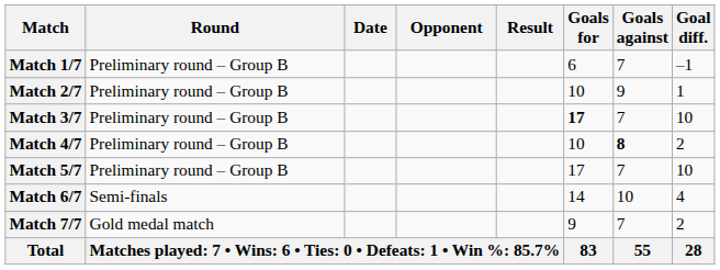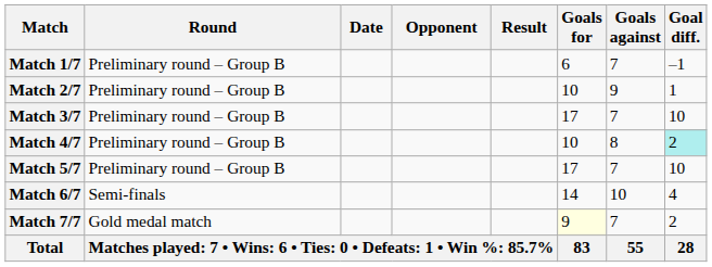 <table class="wikitable sortable sticky-header defaultcenter col3right col4left" style="font-size: 100%; margin-left: 1em;">
 <tr>
 <th scope="col">Match</th>
 <th scope="col">Round</th>
 <th scope="col">Date</th>
 <th scope="col">Opponent</th>
 <th scope="col">Result</th>
 <th scope="col">Goals<br>for</th>
 <th scope="col">Goals<br>against</th>
 <th scope="col">Goal<br>diff.</th>
 </tr>
 <tr>
 <th scope="row">Match 1/7</th>
 <td>Preliminary round – Group B</td>
 <td></td>
 <td></td>
 <td></td>
 <td>6</td>
 <td>7</td>
 <td>–1</td>
 </tr>
 <tr>
 <th scope="row">Match 2/7</th>
 <td>Preliminary round – Group B</td>
 <td></td>
 <td></td>
 <td></td>
 <td>10</td>
 <td>9</td>
 <td>1</td>
 </tr>
 <tr>
 <th scope="row">Match 3/7</th>
 <td>Preliminary round – Group B</td>
 <td></td>
 <td></td>
 <td></td>
-<td><strong>17</strong></td>
+<td>17</td>
 <td>7</td>
 <td>10</td>
 </tr>
 <tr>
 <th scope="row">Match 4/7</th>
 <td>Preliminary round – Group B</td>
 <td></td>
 <td></td>
 <td></td>
 <td>10</td>
-<td><strong>8</strong></td>
-<td>2</td>
+<td>8</td>
+<td style="background: paleturquoise;">2</td>
 </tr>
 <tr>
 <th scope="row">Match 5/7</th>
 <td>Preliminary round – Group B</td>
 <td></td>
 <td></td>
 <td></td>
 <td>17</td>
 <td>7</td>
 <td>10</td>
 </tr>
 <tr>
 <th scope="row">Match 6/7</th>
 <td>Semi-finals</td>
 <td></td>
 <td></td>
 <td></td>
 <td>14</td>
 <td>10</td>
 <td>4</td>
 </tr>
 <tr>
 <th scope="row">Match 7/7</th>
 <td>Gold medal match</td>
 <td></td>
 <td></td>
 <td></td>
-<td>9</td>
+<td style="background: lightyellow;">9</td>
 <td>7</td>
 <td>2</td>
 </tr>
 <tr class="sortbottom">
 <th>Total</th>
 <th colspan="4">Matches played: 7 • Wins: 6 • Ties: 0 • Defeats: 1 • Win %: 85.7%</th>
 <th>83</th>
 <th>55</th>
 <th>28</th>
 </tr>
 </table>
